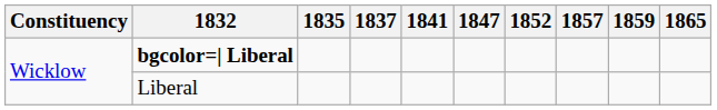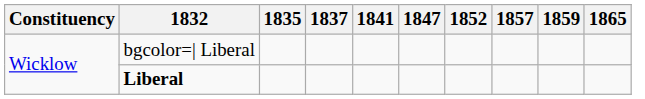 <table class=wikitable sortable>
 <tr>
 <th>Constituency</th>
 <th>1832</th>
 <th>1835</th>
 <th>1837</th>
 <th>1841</th>
 <th>1847</th>
 <th>1852</th>
 <th>1857</th>
 <th>1859</th>
 <th>1865</th>
 </tr>
 <tr>
 <td rowspan=2><a href='#'>Wicklow</a></td>
-<td align=center><strong>bgcolor=| Liberal</strong></td>
+<td align=center>bgcolor=| Liberal</td>
 <td></td>
 <td></td>
 <td></td>
 <td></td>
 <td></td>
 <td></td>
 <td></td>
 <td></td>
 </tr>
 <tr>
-<td bgcolor=>Liberal</td>
+<td bgcolor=><strong>Liberal</strong></td>
 <td></td>
 <td></td>
 <td></td>
 <td></td>
 <td></td>
 <td></td>
 <td></td>
 <td></td>
 </tr>
 </table>
